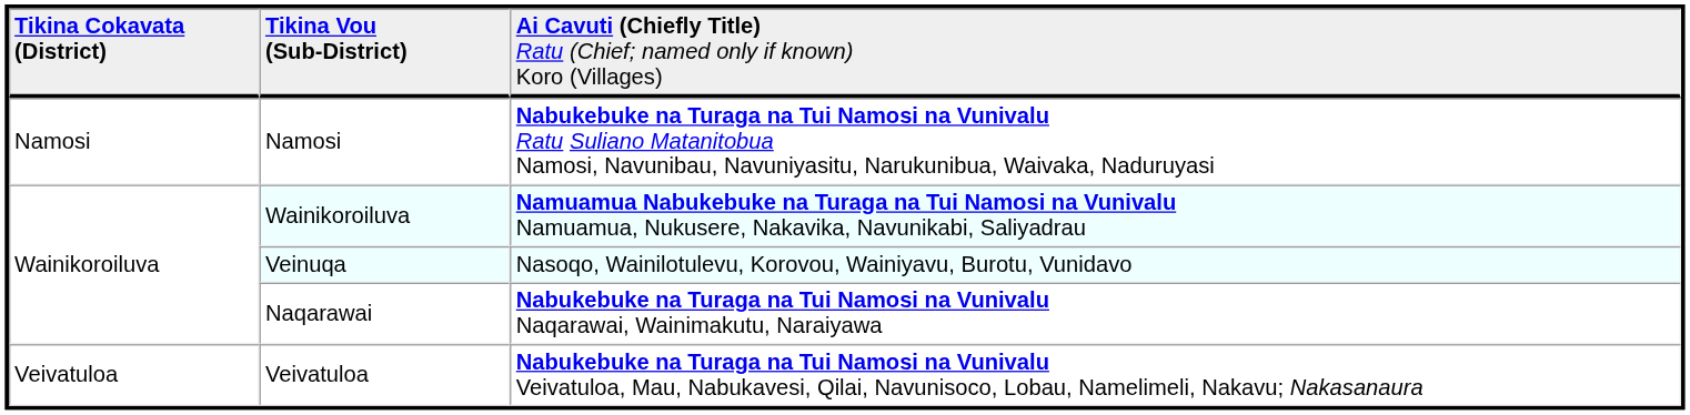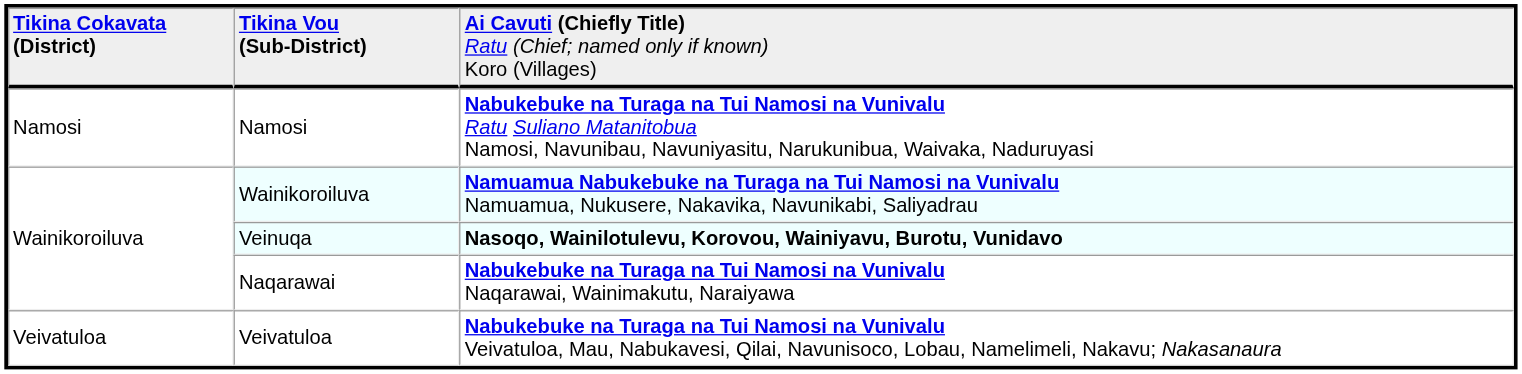 <table table width="95%" border="1" align="center" cellpadding=3 cellspacing=0 style="margin:5px; border:3px solid;">
 <tr>
 <td valign="top" td width="15%" style="border-bottom:3px solid; background:#efefef;"><strong><a href='#'>Tikina Cokavata</a><br>(District)</strong></td>
 <td valign="top" td width="15%" style="border-bottom:3px solid; background:#efefef;"><strong><a href='#'>Tikina Vou</a><br>(Sub-District)</strong></td>
 <td valign="top" td width="70%" style="border-bottom:3px solid; background:#efefef;"><strong><a href='#'>Ai Cavuti</a> (Chiefly Title)</strong><br><em><a href='#'>Ratu</a> (Chief; named only if known)</em><br>Koro (Villages)</td>
 </tr>
 <tr>
 <td>Namosi</td>
 <td>Namosi</td>
 <td><strong><a href='#'>Nabukebuke na Turaga na Tui Namosi na Vunivalu</a></strong><br><em><a href='#'>Ratu</a> <a href='#'>Suliano Matanitobua</a></em><br>Namosi, Navunibau, Navuniyasitu, Narukunibua, Waivaka, Naduruyasi</td>
 </tr>
 <tr>
 <td rowspan=3>Wainikoroiluva</td>
 <td style="background-color:#eeffff">Wainikoroiluva</td>
 <td style="background-color:#eeffff"><strong><a href='#'>Namuamua Nabukebuke na Turaga na Tui Namosi na Vunivalu</a></strong><br>Namuamua, Nukusere, Nakavika, Navunikabi, Saliyadrau</td>
 </tr>
 <tr>
 <td style="background-color:#eeffff">Veinuqa</td>
-<td style="background-color:#eeffff">Nasoqo, Wainilotulevu, Korovou, Wainiyavu, Burotu, Vunidavo</td>
+<td style="background-color:#eeffff"><strong>Nasoqo, Wainilotulevu, Korovou, Wainiyavu, Burotu, Vunidavo</strong></td>
 </tr>
 <tr>
 <td>Naqarawai</td>
 <td><strong><a href='#'>Nabukebuke na Turaga na Tui Namosi na Vunivalu</a></strong><br>Naqarawai, Wainimakutu, Naraiyawa</td>
 </tr>
 <tr>
 <td>Veivatuloa</td>
 <td>Veivatuloa</td>
 <td><strong><a href='#'>Nabukebuke na Turaga na Tui Namosi na Vunivalu</a></strong><br>Veivatuloa, Mau, Nabukavesi, Qilai, Navunisoco, Lobau, Namelimeli, Nakavu; <em>Nakasanaura</em></td>
 </tr>
 </table>
